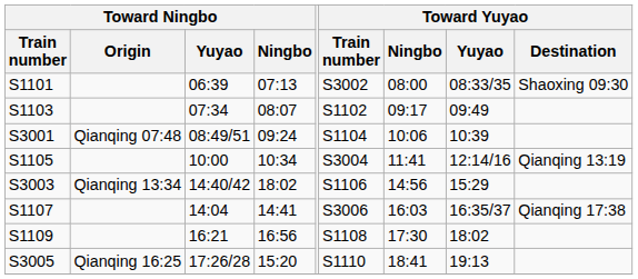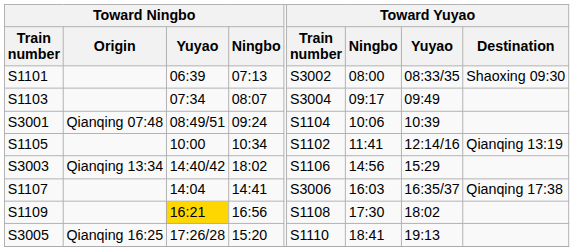 <table class="wikitable mw-collapsible">
 <tr>
 <th colspan="4" style="min-width: 150px">Toward Ningbo</th>
 <td rowspan="10" style="margin: 0; padding: 0; width: 2px"></td>
 <th colspan="4" style="min-width: 150px">Toward Yuyao</th>
 </tr>
 <tr>
 <th>Train<br>number</th>
 <th>Origin</th>
 <th>Yuyao</th>
 <th>Ningbo</th>
 <th>Train<br>number</th>
 <th>Ningbo</th>
 <th>Yuyao</th>
 <th>Destination</th>
 </tr>
 <tr>
 <td>S1101</td>
 <td></td>
 <td>06:39</td>
 <td>07:13</td>
 <td>S3002</td>
 <td>08:00</td>
 <td>08:33/35</td>
 <td>Shaoxing 09:30</td>
 </tr>
 <tr>
 <td>S1103</td>
 <td></td>
 <td>07:34</td>
 <td>08:07</td>
-<td>S1102</td>
+<td>S3004</td>
 <td>09:17</td>
 <td>09:49</td>
 <td></td>
 </tr>
 <tr>
 <td>S3001</td>
 <td>Qianqing 07:48</td>
 <td>08:49/51</td>
 <td>09:24</td>
 <td>S1104</td>
 <td>10:06</td>
 <td>10:39</td>
 <td></td>
 </tr>
 <tr>
 <td>S1105</td>
 <td></td>
 <td>10:00</td>
 <td>10:34</td>
-<td>S3004</td>
+<td>S1102</td>
 <td>11:41</td>
 <td>12:14/16</td>
 <td>Qianqing 13:19</td>
 </tr>
 <tr>
 <td>S3003</td>
 <td>Qianqing 13:34</td>
 <td>14:40/42</td>
 <td>18:02</td>
 <td>S1106</td>
 <td>14:56</td>
 <td>15:29</td>
 <td></td>
 </tr>
 <tr>
 <td>S1107</td>
 <td></td>
 <td>14:04</td>
 <td>14:41</td>
 <td>S3006</td>
 <td>16:03</td>
 <td>16:35/37</td>
 <td>Qianqing 17:38</td>
 </tr>
 <tr>
 <td>S1109</td>
 <td></td>
-<td>16:21</td>
+<td style="background: gold;">16:21</td>
 <td>16:56</td>
 <td>S1108</td>
 <td>17:30</td>
 <td>18:02</td>
 <td></td>
 </tr>
 <tr>
 <td>S3005</td>
 <td>Qianqing 16:25</td>
 <td>17:26/28</td>
 <td>15:20</td>
 <td>S1110</td>
 <td>18:41</td>
 <td>19:13</td>
 <td></td>
 </tr>
 <tr>
 </tr>
 </table>
